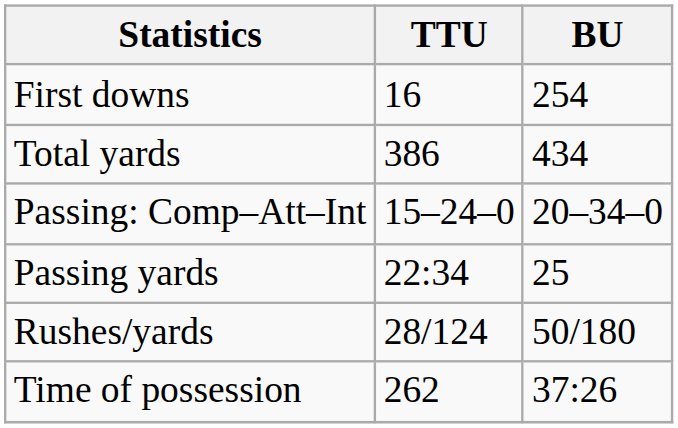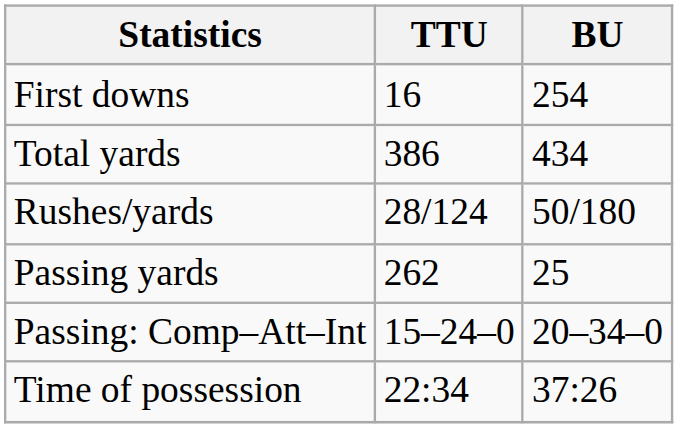 <table class="wikitable" style="float: left;">
 <tr>
 <th>Statistics</th>
 <th>TTU</th>
 <th>BU</th>
 </tr>
 <tr>
 <td>First downs</td>
 <td>16</td>
 <td>254</td>
 </tr>
 <tr>
 <td>Total yards</td>
 <td>386</td>
 <td>434</td>
 </tr>
 <tr>
+<td>Rushes/yards</td>
+<td>28/124</td>
+<td>50/180</td>
+</tr>
+<tr>
+<td>Passing yards</td>
+<td>262</td>
+<td>25</td>
+</tr>
+<tr>
 <td>Passing: Comp–Att–Int</td>
 <td>15–24–0</td>
 <td>20–34–0</td>
 </tr>
 <tr>
-<td>Passing yards</td>
+<td>Time of possession</td>
 <td>22:34</td>
-<td>25</td>
-</tr>
-<tr>
-<td>Rushes/yards</td>
-<td>28/124</td>
-<td>50/180</td>
-</tr>
-<tr>
-<td>Time of possession</td>
-<td>262</td>
 <td>37:26</td>
 </tr>
 <tr>
 </tr>
 </table>
